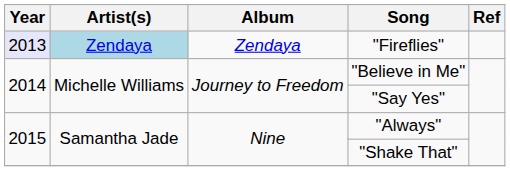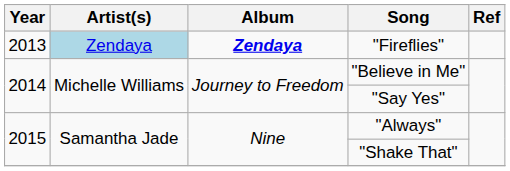 <table class="wikitable plainrowheaders" style="text-align:center;">
 <tr>
 <th scope="col">Year</th>
 <th scope="col">Artist(s)</th>
 <th scope="col">Album</th>
 <th scope="col">Song</th>
 <th scope="col">Ref</th>
 </tr>
 <tr>
-<td style="background: lavender;">2013</td>
+<td>2013</td>
 <td style="background: lightblue;"><a href='#'>Zendaya</a></td>
-<td><em><a href='#'>Zendaya</a></em></td>
+<td><strong><em><a href='#'>Zendaya</a></em></strong></td>
 <td>"Fireflies"</td>
 <td></td>
 </tr>
 <tr>
 <td rowspan="2">2014</td>
 <td rowspan="2">Michelle Williams</td>
 <td rowspan="2"><em>Journey to Freedom</em></td>
 <td>"Believe in Me"</td>
 <td rowspan="2"></td>
 </tr>
 <tr>
 <td>"Say Yes"</td>
 </tr>
 <tr>
 <td rowspan="2">2015</td>
 <td rowspan="2">Samantha Jade</td>
 <td rowspan="2"><em>Nine</em></td>
 <td>"Always"</td>
 <td rowspan="2"></td>
 </tr>
 <tr>
 <td>"Shake That"</td>
 </tr>
 <tr>
 </tr>
 </table>
